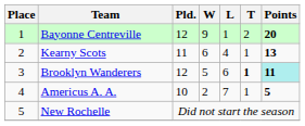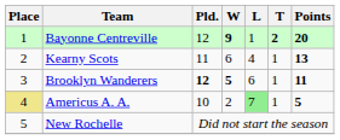 <table class="wikitable">
 <tr>
 <th>Place</th>
 <th width="170">Team</th>
 <th width="20">Pld.</th>
 <th width="20">W</th>
 <th width="20">L</th>
 <th width="20">T</th>
 <th>Points</th>
 </tr>
 <tr bgcolor=#ccffcc>
 <td align=center>1</td>
 <td><a href='#'>Bayonne Centreville</a></td>
 <td>12</td>
-<td>9</td>
+<td><strong>9</strong></td>
 <td>1</td>
-<td>2</td>
+<td><strong>2</strong></td>
 <td><strong>20</strong></td>
 </tr>
 <tr>
 <td align=center>2</td>
 <td><a href='#'>Kearny Scots</a></td>
 <td>11</td>
 <td>6</td>
 <td>4</td>
 <td>1</td>
 <td><strong>13</strong></td>
 </tr>
 <tr>
 <td align=center>3</td>
 <td><a href='#'>Brooklyn Wanderers</a></td>
-<td>12</td>
-<td>5</td>
+<td><strong>12</strong></td>
+<td><strong>5</strong></td>
 <td>6</td>
-<td><strong>1</strong></td>
-<td style="background: paleturquoise;"><strong>11</strong></td>
+<td>1</td>
+<td><strong>11</strong></td>
 </tr>
 <tr>
-<td align=center>4</td>
+<td align=center style="background: khaki;">4</td>
 <td><a href='#'>Americus A. A.</a></td>
 <td>10</td>
 <td>2</td>
-<td>7</td>
+<td style="background: lightgreen;">7</td>
 <td>1</td>
 <td><strong>5</strong></td>
 </tr>
 <tr>
 <td align=center>5</td>
 <td><a href='#'>New Rochelle</a></td>
 <td colspan="5" align="center"><em>Did not start the season</em></td>
 </tr>
 <tr>
 </tr>
 </table>
